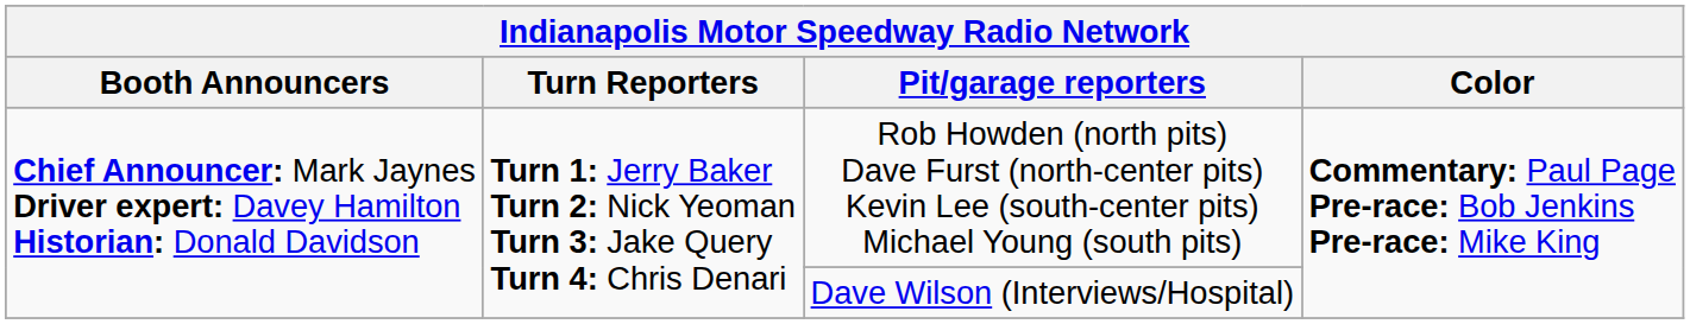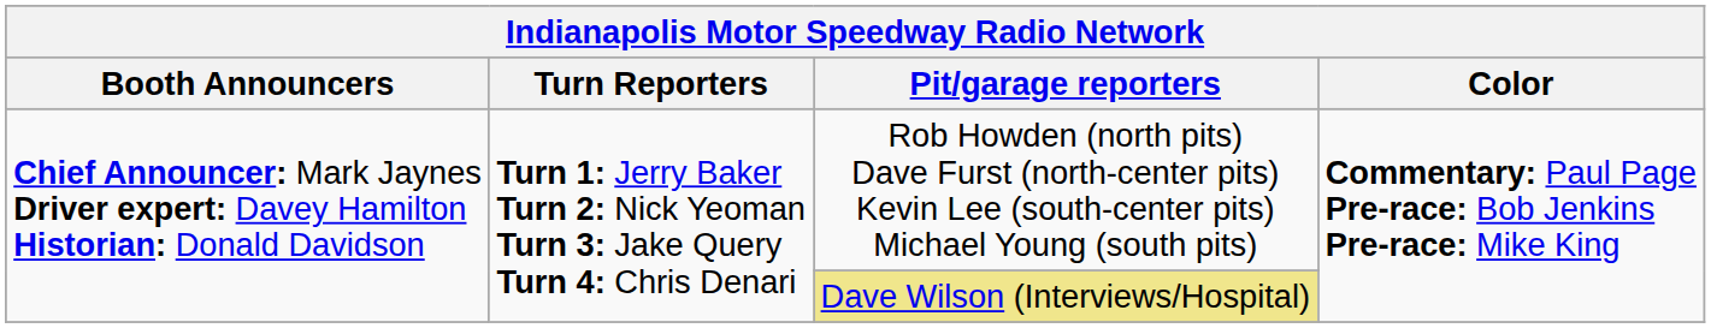 <table class="wikitable" style="font-size: 95%;">
 <tr>
 <th colspan=4><a href='#'>Indianapolis Motor Speedway Radio Network</a></th>
 </tr>
 <tr>
 <th>Booth Announcers</th>
 <th>Turn Reporters</th>
 <th><a href='#'>Pit/garage reporters</a></th>
 <th>Color</th>
 </tr>
 <tr>
 <td valign="top" rowspan=2><br><strong><a href='#'>Chief Announcer</a>:</strong> Mark Jaynes<br> <strong>Driver expert:</strong> <a href='#'>Davey Hamilton</a><br> <strong><a href='#'>Historian</a>:</strong> <a href='#'>Donald Davidson</a><br></td>
 <td valign="top" rowspan=2><br><strong>Turn 1:</strong> <a href='#'>Jerry Baker</a><br> <strong>Turn 2:</strong> Nick Yeoman<br> <strong>Turn 3:</strong> Jake Query<br> <strong>Turn 4:</strong> Chris Denari<br></td>
 <td align="center" valign="top">Rob Howden (north pits)<br>Dave Furst (north-center pits)<br>Kevin Lee (south-center pits)<br>Michael Young (south pits)</td>
 <td valign="top" rowspan=2><br><strong>Commentary:</strong> <a href='#'>Paul Page</a><br> <strong>Pre-race:</strong> <a href='#'>Bob Jenkins</a><br> <strong>Pre-race:</strong> <a href='#'>Mike King</a><br></td>
 </tr>
 <tr>
-<td valign="top"><a href='#'>Dave Wilson</a> (Interviews/Hospital)</td>
+<td valign="top" style="background: khaki;"><a href='#'>Dave Wilson</a> (Interviews/Hospital)</td>
 </tr>
 </table>
